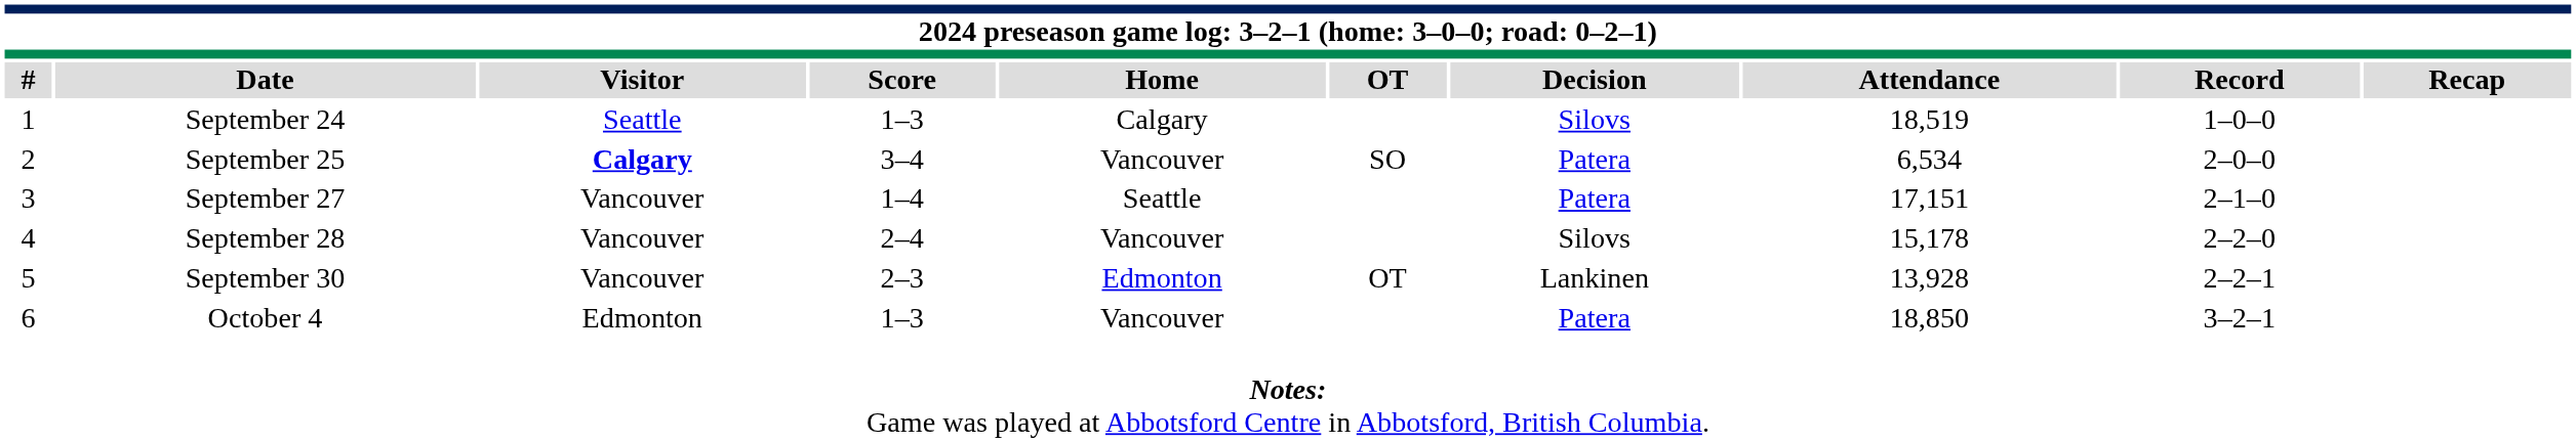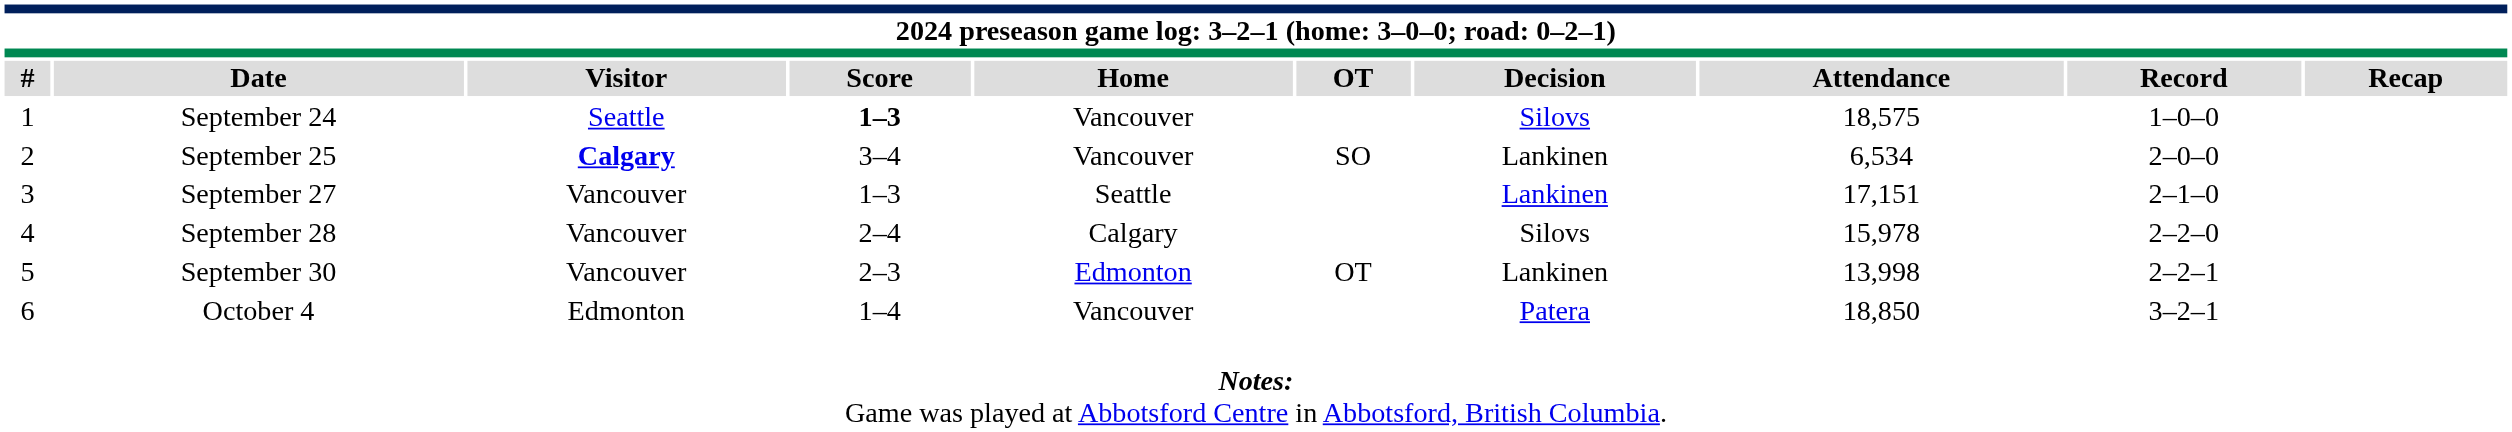 <table class="toccolours collapsible collapsed" style="width:90%; clear:both; margin:1.5em auto; text-align:center;">
 <tr>
 <th colspan="10" style="background:#FFFFFF; border-top:#001F5B 5px solid; border-bottom:#008852 5px solid;">2024 preseason game log: 3–2–1 (home: 3–0–0; road: 0–2–1)</th>
 </tr>
 <tr style="background:#ddd;">
 <th>#</th>
 <th>Date</th>
 <th>Visitor</th>
 <th>Score</th>
 <th>Home</th>
 <th>OT</th>
 <th>Decision</th>
 <th>Attendance</th>
 <th>Record</th>
 <th>Recap</th>
 </tr>
 <tr>
 <td>1</td>
 <td>September 24</td>
 <td><a href='#'>Seattle</a></td>
-<td>1–3</td>
-<td>Calgary</td>
+<td><strong>1–3</strong></td>
+<td>Vancouver</td>
 <td></td>
 <td><a href='#'>Silovs</a></td>
-<td>18,519</td>
+<td>18,575</td>
 <td>1–0–0</td>
 <td></td>
 </tr>
 <tr>
 <td>2</td>
 <td>September 25</td>
 <td><strong><a href='#'>Calgary</a></strong></td>
 <td>3–4</td>
 <td>Vancouver</td>
 <td>SO</td>
-<td><a href='#'>Patera</a></td>
+<td>Lankinen</td>
 <td>6,534</td>
 <td>2–0–0</td>
 <td></td>
 </tr>
 <tr>
 <td>3</td>
 <td>September 27</td>
 <td>Vancouver</td>
-<td>1–4</td>
+<td>1–3</td>
 <td>Seattle</td>
 <td></td>
-<td><a href='#'>Patera</a></td>
+<td><a href='#'>Lankinen</a></td>
 <td>17,151</td>
 <td>2–1–0</td>
 <td></td>
 </tr>
 <tr>
 <td>4</td>
 <td>September 28</td>
 <td>Vancouver</td>
 <td>2–4</td>
-<td>Vancouver</td>
+<td>Calgary</td>
 <td></td>
 <td>Silovs</td>
-<td>15,178</td>
+<td>15,978</td>
 <td>2–2–0</td>
 <td></td>
 </tr>
 <tr>
 <td>5</td>
 <td>September 30</td>
 <td>Vancouver</td>
 <td>2–3</td>
 <td><a href='#'>Edmonton</a></td>
 <td>OT</td>
 <td>Lankinen</td>
-<td>13,928</td>
+<td>13,998</td>
 <td>2–2–1</td>
 <td></td>
 </tr>
 <tr>
 <td>6</td>
 <td>October 4</td>
 <td>Edmonton</td>
-<td>1–3</td>
+<td>1–4</td>
 <td>Vancouver</td>
 <td></td>
 <td><a href='#'>Patera</a></td>
 <td>18,850</td>
 <td>3–2–1</td>
 <td></td>
 </tr>
 <tr>
 <td colspan="10" style="text-align:center;"><br><strong><em>Notes:</em></strong><br>  Game was played at <a href='#'>Abbotsford Centre</a> in <a href='#'>Abbotsford, British Columbia</a>.</td>
 </tr>
 </table>
